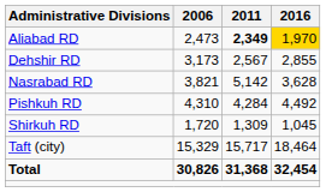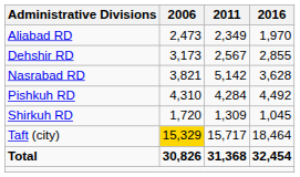 <table class="wikitable">
 <tr>
 <th>Administrative Divisions</th>
 <th>2006</th>
 <th>2011</th>
 <th>2016</th>
 </tr>
 <tr>
 <td><a href='#'>Aliabad RD</a></td>
 <td style="text-align: right;">2,473</td>
-<td style="text-align: right;"><strong>2,349</strong></td>
-<td style="background: gold; text-align: right;">1,970</td>
+<td style="text-align: right;">2,349</td>
+<td style="text-align: right;">1,970</td>
 </tr>
 <tr>
 <td><a href='#'>Dehshir RD</a></td>
 <td style="text-align: right;">3,173</td>
 <td style="text-align: right;">2,567</td>
 <td style="text-align: right;">2,855</td>
 </tr>
 <tr>
 <td><a href='#'>Nasrabad RD</a></td>
 <td style="text-align: right;">3,821</td>
 <td style="text-align: right;">5,142</td>
 <td style="text-align: right;">3,628</td>
 </tr>
 <tr>
 <td><a href='#'>Pishkuh RD</a></td>
 <td style="text-align: right;">4,310</td>
 <td style="text-align: right;">4,284</td>
 <td style="text-align: right;">4,492</td>
 </tr>
 <tr>
 <td><a href='#'>Shirkuh RD</a></td>
 <td style="text-align: right;">1,720</td>
 <td style="text-align: right;">1,309</td>
 <td style="text-align: right;">1,045</td>
 </tr>
 <tr>
 <td><a href='#'>Taft</a> (city)</td>
-<td style="text-align: right;">15,329</td>
+<td style="background: gold; text-align: right;">15,329</td>
 <td style="text-align: right;">15,717</td>
 <td style="text-align: right;">18,464</td>
 </tr>
 <tr>
 <td><strong>Total</strong></td>
 <td style="text-align: right;"><strong>30,826</strong></td>
 <td style="text-align: right;"><strong>31,368</strong></td>
 <td style="text-align: right;"><strong>32,454</strong></td>
 </tr>
 <tr>
 <td colspan=4></td>
 </tr>
 </table>
